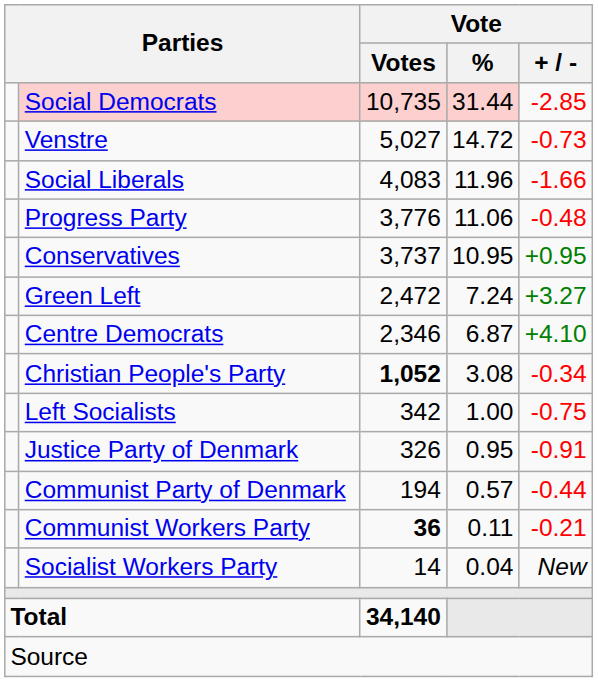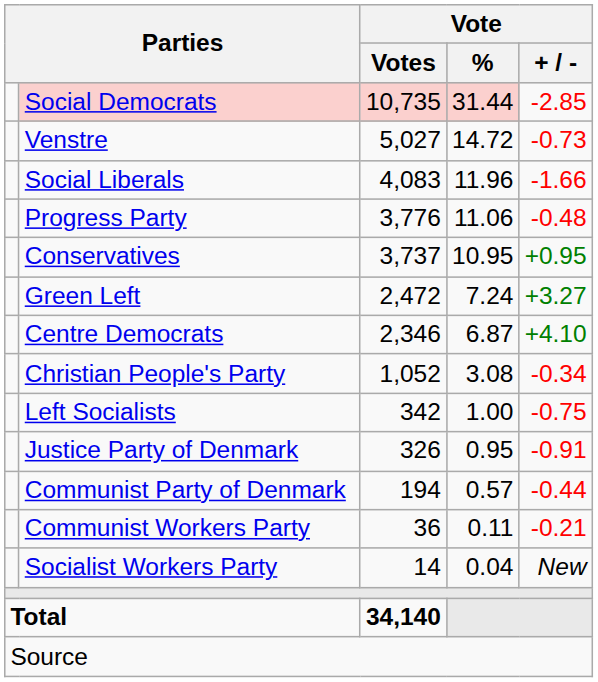 <table class="wikitable" style="text-align:right;">
 <tr>
 <th style="text-align:centre;" rowspan="2" colspan="2" width="225">Parties</th>
 <th colspan="3">Vote</th>
 </tr>
 <tr>
 <th width="15">Votes</th>
 <th width="15">%</th>
 <th width="15">+ / -</th>
 </tr>
 <tr>
 <td width="2" style="color:inherit;background:"></td>
 <td bgcolor=#fbd0ce  align="left"><a href='#'>Social Democrats</a></td>
 <td bgcolor=#fbd0ce>10,735</td>
 <td bgcolor=#fbd0ce>31.44</td>
 <td style=color:red;>-2.85</td>
 </tr>
 <tr>
 <td width="2" style="color:inherit;background:"></td>
 <td align="left"><a href='#'>Venstre</a></td>
 <td>5,027</td>
 <td>14.72</td>
 <td style=color:red;>-0.73</td>
 </tr>
 <tr>
 <td width="2" style="color:inherit;background:"></td>
 <td align="left"><a href='#'>Social Liberals</a></td>
 <td>4,083</td>
 <td>11.96</td>
 <td style=color:red;>-1.66</td>
 </tr>
 <tr>
 <td width="2" style="color:inherit;background:"></td>
 <td align="left"><a href='#'>Progress Party</a></td>
 <td>3,776</td>
 <td>11.06</td>
 <td style=color:red;>-0.48</td>
 </tr>
 <tr>
 <td width="2" style="color:inherit;background:"></td>
 <td align="left"><a href='#'>Conservatives</a></td>
 <td>3,737</td>
 <td>10.95</td>
 <td style=color:green;>+0.95</td>
 </tr>
 <tr>
 <td width="2" style="color:inherit;background:"></td>
 <td align="left"><a href='#'>Green Left</a></td>
 <td>2,472</td>
 <td>7.24</td>
 <td style=color:green;>+3.27</td>
 </tr>
 <tr>
 <td width="2" style="color:inherit;background:"></td>
 <td align="left"><a href='#'>Centre Democrats</a></td>
 <td>2,346</td>
 <td>6.87</td>
 <td style=color:green;>+4.10</td>
 </tr>
 <tr>
 <td width="2" style="color:inherit;background:"></td>
 <td align="left"><a href='#'>Christian People's Party</a></td>
-<td><strong>1,052</strong></td>
+<td>1,052</td>
 <td>3.08</td>
 <td style=color:red;>-0.34</td>
 </tr>
 <tr>
 <td width="2" style="color:inherit;background:"></td>
 <td align="left"><a href='#'>Left Socialists</a></td>
 <td>342</td>
 <td>1.00</td>
 <td style=color:red;>-0.75</td>
 </tr>
 <tr>
 <td width="2" style="color:inherit;background:"></td>
 <td align="left"><a href='#'>Justice Party of Denmark</a></td>
 <td>326</td>
 <td>0.95</td>
 <td style=color:red;>-0.91</td>
 </tr>
 <tr>
 <td width="2" style="color:inherit;background:"></td>
 <td align="left"><a href='#'>Communist Party of Denmark</a></td>
 <td>194</td>
 <td>0.57</td>
 <td style=color:red;>-0.44</td>
 </tr>
 <tr>
 <td width="2" style="color:inherit;background:"></td>
 <td align="left"><a href='#'>Communist Workers Party</a></td>
-<td><strong>36</strong></td>
+<td>36</td>
 <td>0.11</td>
 <td style=color:red;>-0.21</td>
 </tr>
 <tr>
 <td width="2" style="color:inherit;background:"></td>
 <td align="left"><a href='#'>Socialist Workers Party</a></td>
 <td>14</td>
 <td>0.04</td>
 <td><em>New</em></td>
 </tr>
 <tr>
 <td colspan="7" bgcolor="#E9E9E9"></td>
 </tr>
 <tr>
 <td align="left" colspan="2"><strong>Total</strong></td>
 <td><strong>34,140</strong></td>
 <td bgcolor="#E9E9E9" colspan="2"></td>
 </tr>
 <tr>
 <td align="left" colspan="6">Source</td>
 </tr>
 </table>
